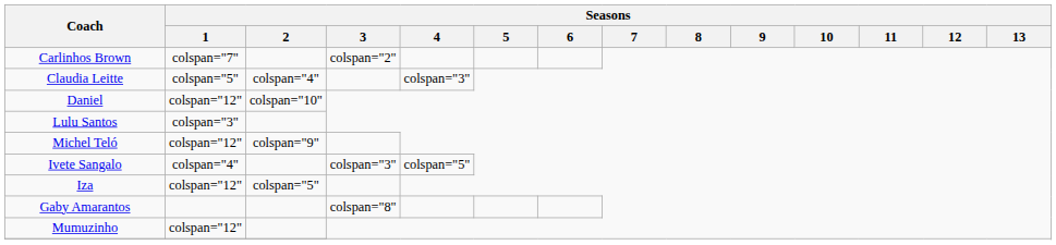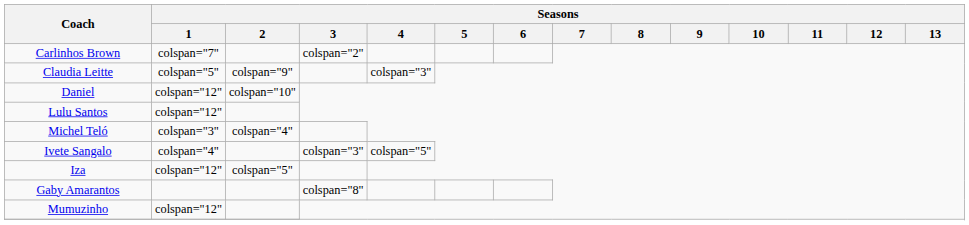 <table class="wikitable" style="text-align:center; width: auto">
 <tr>
 <th rowspan="2" width="15%">Coach</th>
 <th colspan="13">Seasons</th>
 </tr>
 <tr>
 <th width="6%">1</th>
 <th width="6%">2</th>
 <th width="6%">3</th>
 <th width="6%">4</th>
 <th width="6%">5</th>
 <th width="6%">6</th>
 <th width="6%">7</th>
 <th width="6%">8</th>
 <th width="6%">9</th>
 <th width="6%">10</th>
 <th width="6%">11</th>
 <th width="6%">12</th>
 <th width="6%">13</th>
 </tr>
 <tr>
 <td><a href='#'>Carlinhos Brown</a></td>
 <td>colspan="7" </td>
 <td></td>
 <td>colspan="2" </td>
 <td></td>
 <td></td>
 <td></td>
 </tr>
 <tr>
 <td><a href='#'>Claudia Leitte</a></td>
 <td>colspan="5" </td>
-<td>colspan="4" </td>
+<td>colspan="9" </td>
 <td></td>
 <td>colspan="3" </td>
 </tr>
 <tr>
 <td><a href='#'>Daniel</a></td>
 <td>colspan="12" </td>
 <td>colspan="10" </td>
 </tr>
 <tr>
 <td><a href='#'>Lulu Santos</a></td>
-<td>colspan="3" </td>
+<td>colspan="12" </td>
 <td></td>
 </tr>
 <tr>
 <td><a href='#'>Michel Teló</a></td>
-<td>colspan="12" </td>
-<td>colspan="9" </td>
+<td>colspan="3" </td>
+<td>colspan="4" </td>
 <td></td>
 </tr>
 <tr>
 <td><a href='#'>Ivete Sangalo</a></td>
 <td>colspan="4" </td>
 <td></td>
 <td>colspan="3" </td>
 <td>colspan="5" </td>
 </tr>
 <tr>
 <td><a href='#'>Iza</a></td>
 <td>colspan="12" </td>
 <td>colspan="5" </td>
 <td></td>
 </tr>
 <tr>
 <td><a href='#'>Gaby Amarantos</a></td>
 <td></td>
 <td></td>
 <td>colspan="8" </td>
 <td></td>
 <td></td>
 <td></td>
 </tr>
 <tr>
 <td><a href='#'>Mumuzinho</a></td>
 <td>colspan="12" </td>
 <td></td>
 </tr>
 <tr>
 </tr>
 </table>
